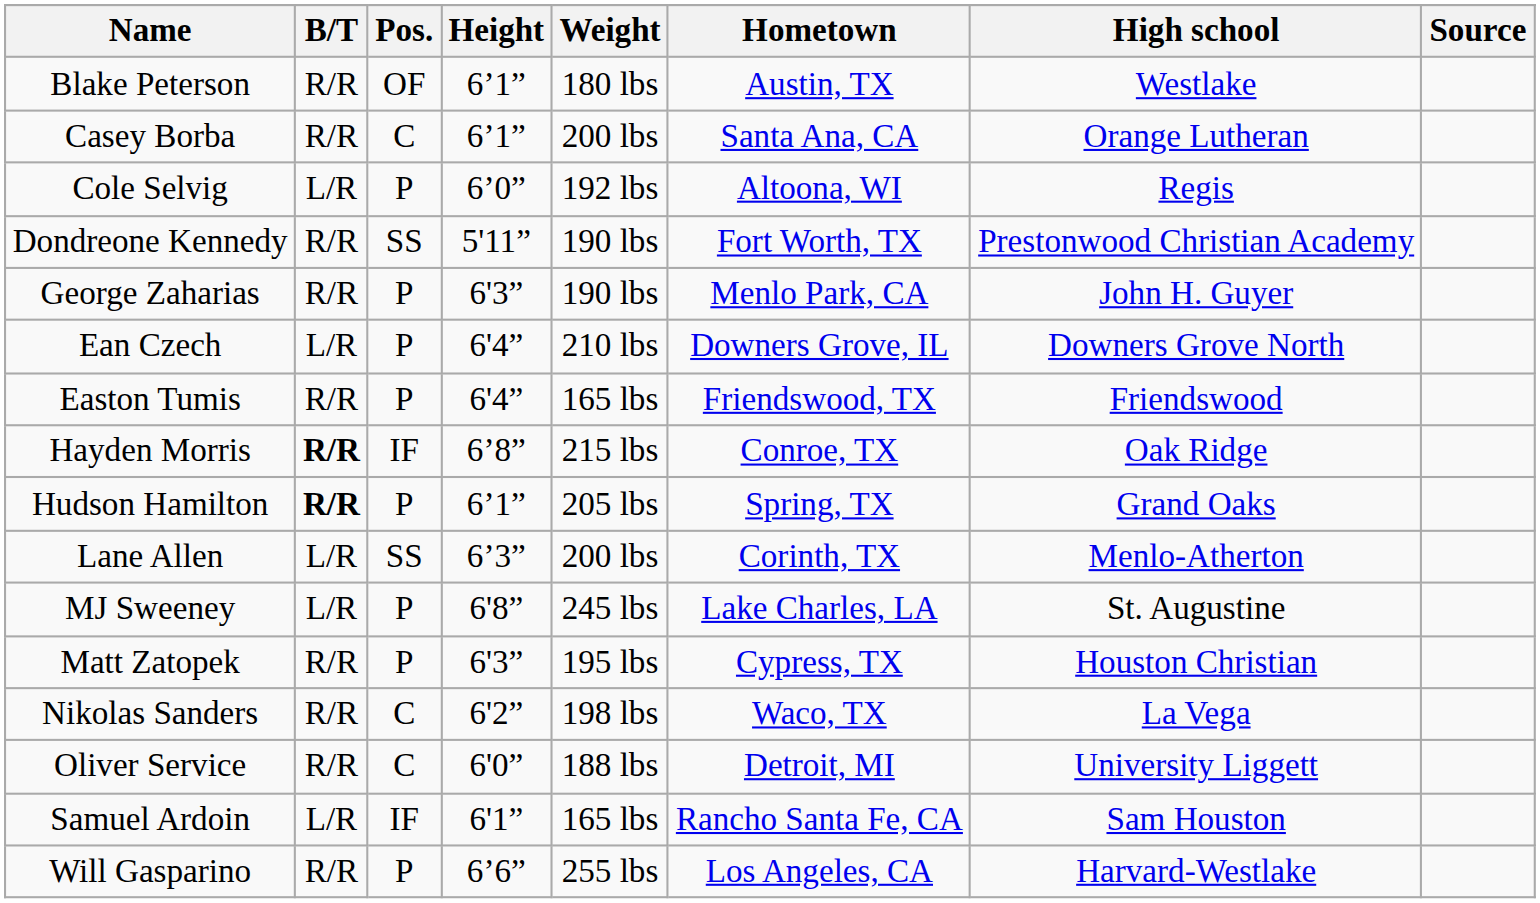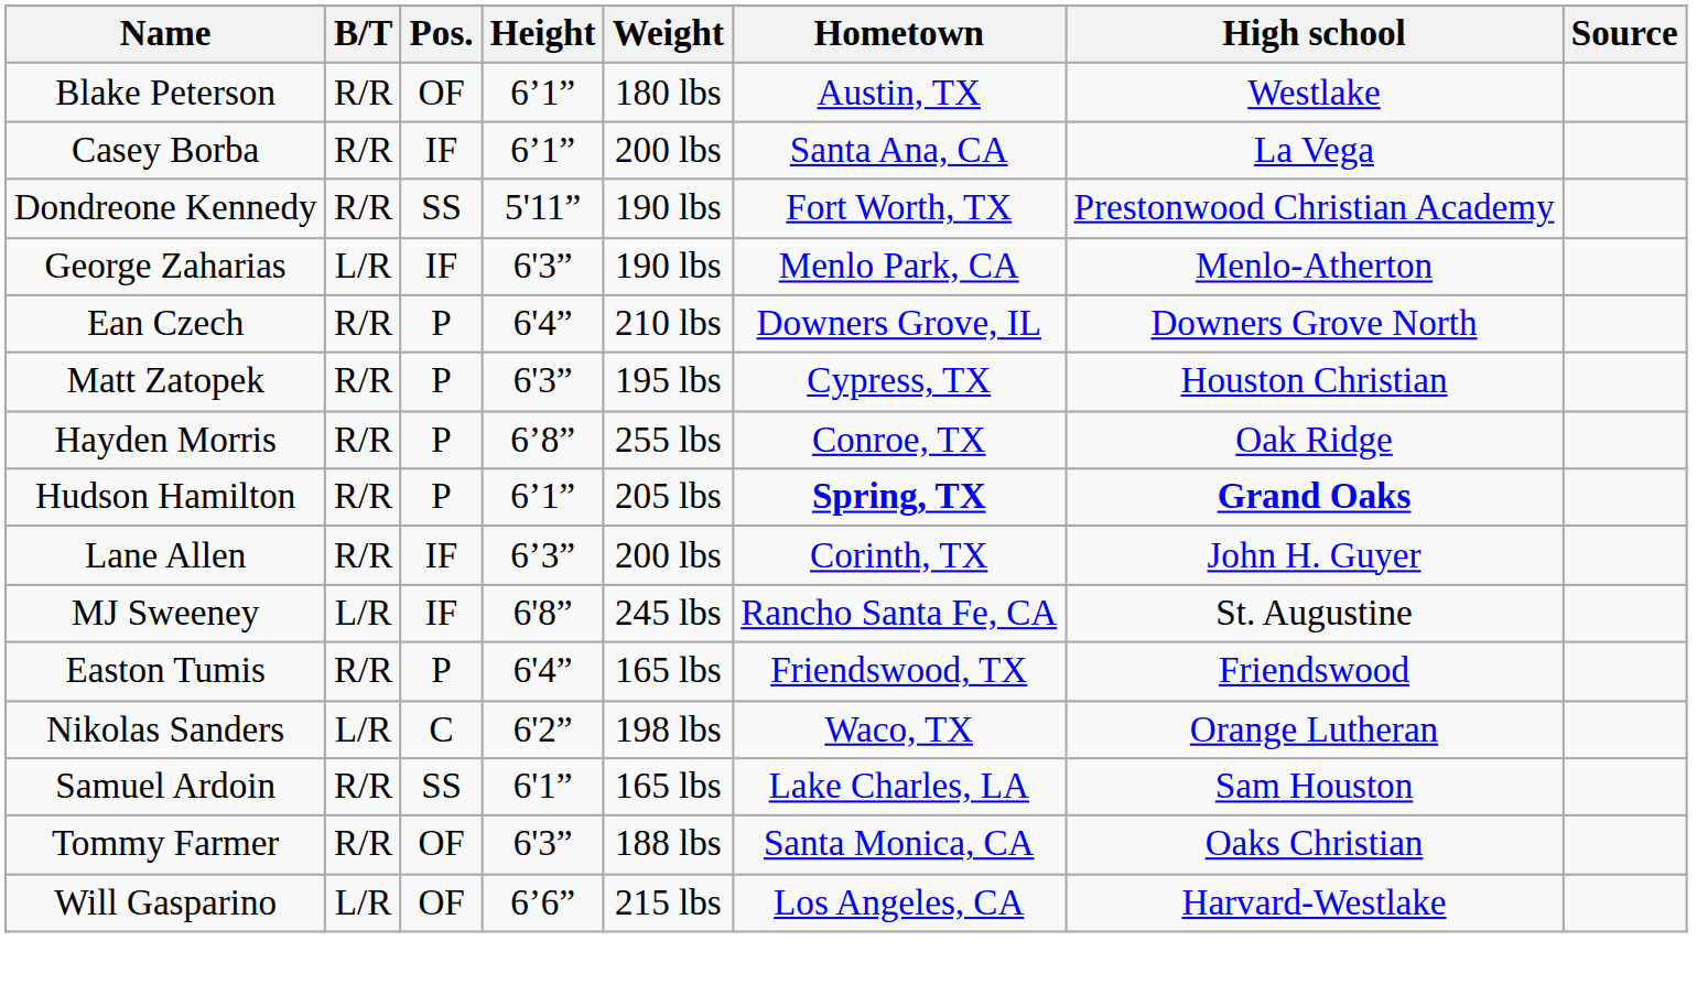 <table class="wikitable sortable collapsible">
 <tr>
 </tr>
 <tr>
 <th style="text-align:center; ">Name</th>
 <th style="text-align:center; ">B/T</th>
 <th style="text-align:center; ">Pos.</th>
 <th style="text-align:center; ">Height</th>
 <th style="text-align:center; ">Weight</th>
 <th style="text-align:center; ">Hometown</th>
 <th style="text-align:center; ">High school</th>
 <th style="text-align:center; ">Source</th>
 </tr>
 <tr align="center">
 <td>Blake Peterson</td>
 <td>R/R</td>
 <td>OF</td>
 <td>6’1”</td>
 <td>180 lbs</td>
 <td><a href='#'>Austin, TX</a></td>
 <td><a href='#'>Westlake</a></td>
 <td></td>
 </tr>
 <tr align="center">
 <td>Casey Borba</td>
 <td>R/R</td>
-<td>C</td>
+<td>IF</td>
 <td>6’1”</td>
 <td>200 lbs</td>
 <td><a href='#'>Santa Ana, CA</a></td>
-<td><a href='#'>Orange Lutheran</a></td>
-<td></td>
-</tr>
-<tr align="center">
-<td>Cole Selvig</td>
-<td>L/R</td>
-<td>P</td>
-<td>6’0”</td>
-<td>192 lbs</td>
-<td><a href='#'>Altoona, WI</a></td>
-<td><a href='#'>Regis</a></td>
+<td><a href='#'>La Vega</a></td>
 <td></td>
 </tr>
 <tr align="center">
 <td>Dondreone Kennedy</td>
 <td>R/R</td>
 <td>SS</td>
 <td>5'11”</td>
 <td>190 lbs</td>
 <td><a href='#'>Fort Worth, TX</a></td>
 <td><a href='#'>Prestonwood Christian Academy</a></td>
 <td></td>
 </tr>
 <tr align="center">
 <td>George Zaharias</td>
-<td>R/R</td>
-<td>P</td>
+<td>L/R</td>
+<td>IF</td>
 <td>6'3”</td>
 <td>190 lbs</td>
 <td><a href='#'>Menlo Park, CA</a></td>
-<td><a href='#'>John H. Guyer</a></td>
+<td><a href='#'>Menlo-Atherton</a></td>
 <td></td>
 </tr>
 <tr align="center">
 <td>Ean Czech</td>
-<td>L/R</td>
+<td>R/R</td>
 <td>P</td>
 <td>6'4”</td>
 <td>210 lbs</td>
 <td><a href='#'>Downers Grove, IL</a></td>
 <td><a href='#'>Downers Grove North</a></td>
+<td></td>
+</tr>
+<tr align="center">
+<td>Matt Zatopek</td>
+<td>R/R</td>
+<td>P</td>
+<td>6'3”</td>
+<td>195 lbs</td>
+<td><a href='#'>Cypress, TX</a></td>
+<td><a href='#'>Houston Christian</a></td>
+<td></td>
+</tr>
+<tr align="center">
+<td>Hayden Morris</td>
+<td>R/R</td>
+<td>P</td>
+<td>6’8”</td>
+<td>255 lbs</td>
+<td><a href='#'>Conroe, TX</a></td>
+<td><a href='#'>Oak Ridge</a></td>
+<td></td>
+</tr>
+<tr align="center">
+<td>Hudson Hamilton</td>
+<td>R/R</td>
+<td>P</td>
+<td>6’1”</td>
+<td>205 lbs</td>
+<td><strong><a href='#'>Spring, TX</a></strong></td>
+<td><strong><a href='#'>Grand Oaks</a></strong></td>
+<td></td>
+</tr>
+<tr align="center">
+<td>Lane Allen</td>
+<td>R/R</td>
+<td>IF</td>
+<td>6’3”</td>
+<td>200 lbs</td>
+<td><a href='#'>Corinth, TX</a></td>
+<td><a href='#'>John H. Guyer</a></td>
+<td></td>
+</tr>
+<tr align="center">
+<td>MJ Sweeney</td>
+<td>L/R</td>
+<td>IF</td>
+<td>6'8”</td>
+<td>245 lbs</td>
+<td><a href='#'>Rancho Santa Fe, CA</a></td>
+<td>St. Augustine</td>
 <td></td>
 </tr>
 <tr align="center">
 <td>Easton Tumis</td>
 <td>R/R</td>
 <td>P</td>
 <td>6'4”</td>
 <td>165 lbs</td>
 <td><a href='#'>Friendswood, TX</a></td>
 <td><a href='#'>Friendswood</a></td>
 <td></td>
 </tr>
 <tr align="center">
-<td>Hayden Morris</td>
-<td><strong>R/R</strong></td>
-<td>IF</td>
-<td>6’8”</td>
-<td>215 lbs</td>
-<td><a href='#'>Conroe, TX</a></td>
-<td><a href='#'>Oak Ridge</a></td>
-<td></td>
-</tr>
-<tr align="center">
-<td>Hudson Hamilton</td>
-<td><strong>R/R</strong></td>
-<td>P</td>
-<td>6’1”</td>
-<td>205 lbs</td>
-<td><a href='#'>Spring, TX</a></td>
-<td><a href='#'>Grand Oaks</a></td>
-<td></td>
-</tr>
-<tr align="center">
-<td>Lane Allen</td>
+<td>Nikolas Sanders</td>
 <td>L/R</td>
-<td>SS</td>
-<td>6’3”</td>
-<td>200 lbs</td>
-<td><a href='#'>Corinth, TX</a></td>
-<td><a href='#'>Menlo-Atherton</a></td>
-<td></td>
-</tr>
-<tr align="center">
-<td>MJ Sweeney</td>
-<td>L/R</td>
-<td>P</td>
-<td>6'8”</td>
-<td>245 lbs</td>
-<td><a href='#'>Lake Charles, LA</a></td>
-<td>St. Augustine</td>
-<td></td>
-</tr>
-<tr align="center">
-<td>Matt Zatopek</td>
-<td>R/R</td>
-<td>P</td>
-<td>6'3”</td>
-<td>195 lbs</td>
-<td><a href='#'>Cypress, TX</a></td>
-<td><a href='#'>Houston Christian</a></td>
-<td></td>
-</tr>
-<tr align="center">
-<td>Nikolas Sanders</td>
-<td>R/R</td>
 <td>C</td>
 <td>6'2”</td>
 <td>198 lbs</td>
 <td><a href='#'>Waco, TX</a></td>
-<td><a href='#'>La Vega</a></td>
-<td></td>
-</tr>
-<tr align="center">
-<td>Oliver Service</td>
-<td>R/R</td>
-<td>C</td>
-<td>6'0”</td>
-<td>188 lbs</td>
-<td><a href='#'>Detroit, MI</a></td>
-<td><a href='#'>University Liggett</a></td>
+<td><a href='#'>Orange Lutheran</a></td>
 <td></td>
 </tr>
 <tr align="center">
 <td>Samuel Ardoin</td>
-<td>L/R</td>
-<td>IF</td>
+<td>R/R</td>
+<td>SS</td>
 <td>6'1”</td>
 <td>165 lbs</td>
-<td><a href='#'>Rancho Santa Fe, CA</a></td>
+<td><a href='#'>Lake Charles, LA</a></td>
 <td><a href='#'>Sam Houston</a></td>
 <td></td>
 </tr>
 <tr align="center">
+<td>Tommy Farmer</td>
+<td>R/R</td>
+<td>OF</td>
+<td>6'3”</td>
+<td>188 lbs</td>
+<td><a href='#'>Santa Monica, CA</a></td>
+<td><a href='#'>Oaks Christian</a></td>
+<td></td>
+</tr>
+<tr align="center">
 <td>Will Gasparino</td>
-<td>R/R</td>
-<td>P</td>
+<td>L/R</td>
+<td>OF</td>
 <td>6’6”</td>
-<td>255 lbs</td>
+<td>215 lbs</td>
 <td><a href='#'>Los Angeles, CA</a></td>
 <td><a href='#'>Harvard-Westlake</a></td>
 <td></td>
 </tr>
 </table>
